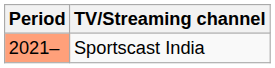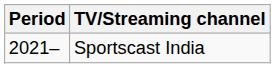 <table class="wikitable" style="text-align:left;">
 <tr>
 <th>Period</th>
 <th>TV/Streaming channel</th>
 </tr>
 <tr>
-<td style="background: lightsalmon;">2021–</td>
+<td>2021–</td>
 <td>Sportscast India</td>
 </tr>
 </table>
